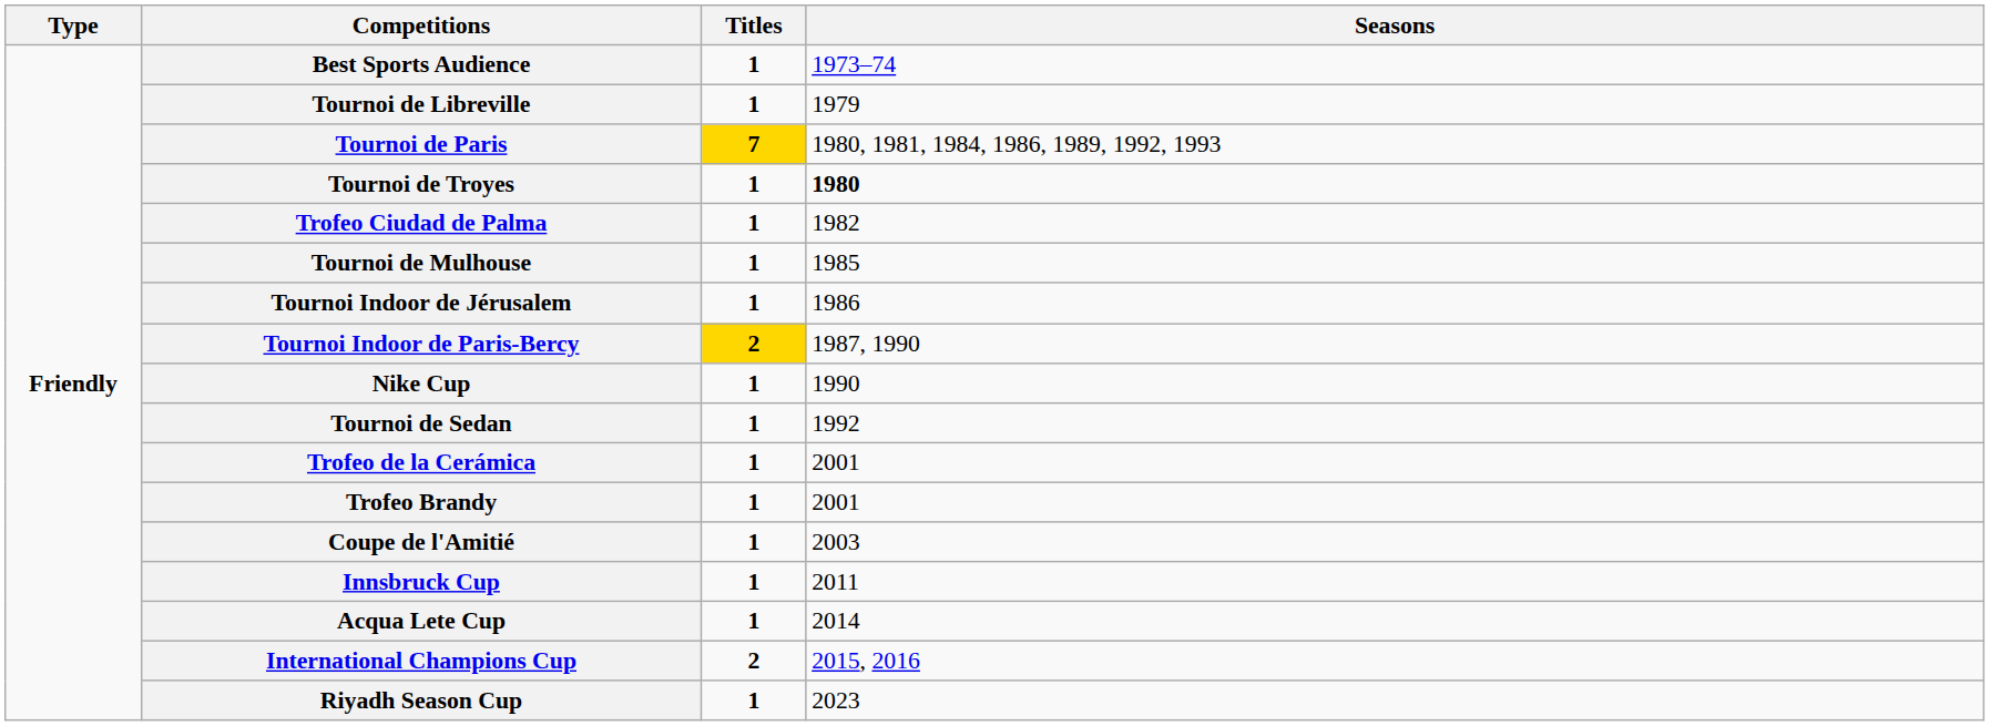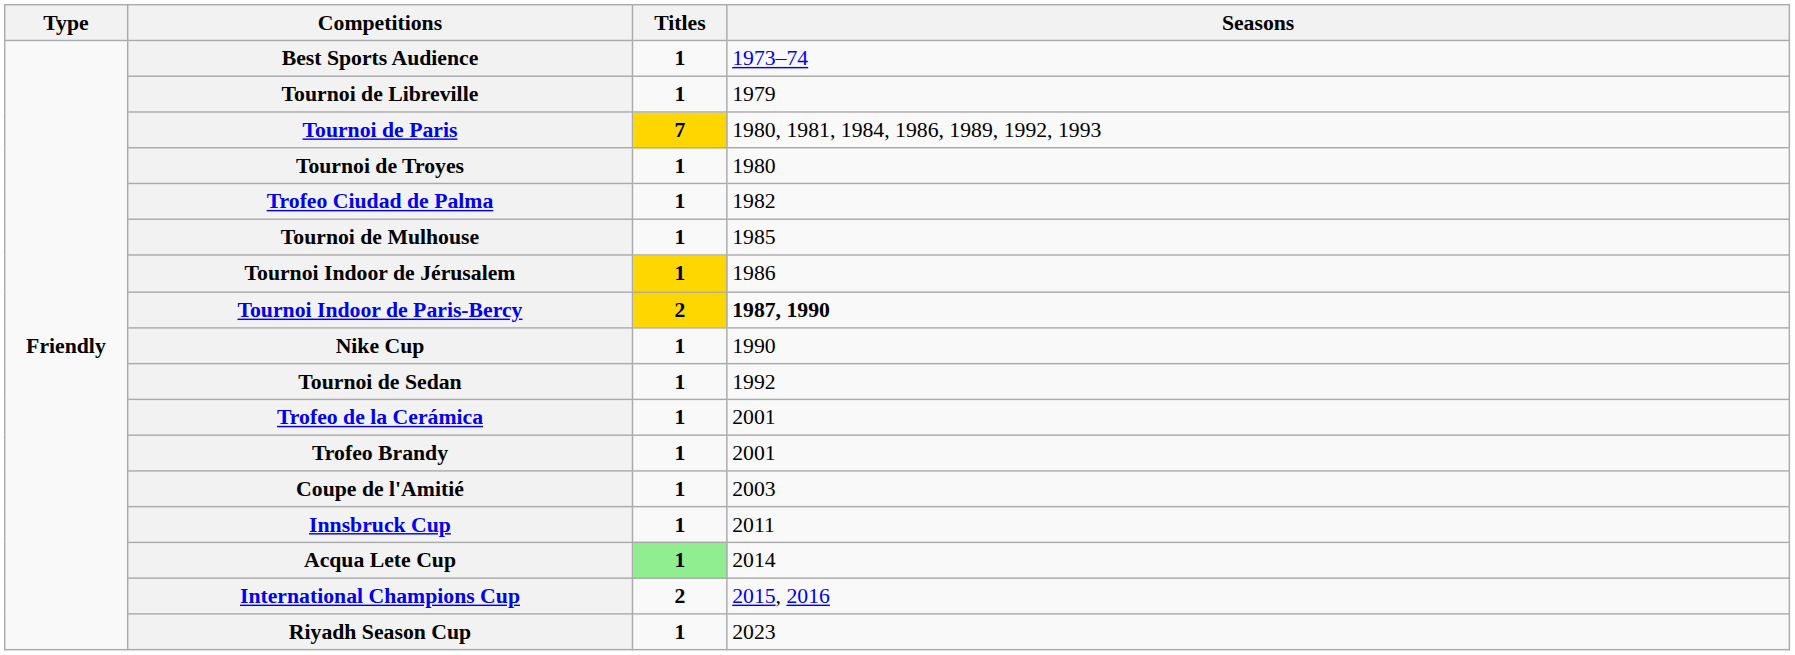 <table class="wikitable plainrowheaders" style="font-size:95%; text-align:center;">
 <tr>
 <th style="width: 1%;">Type</th>
 <th style="width: 10%;">Competitions</th>
 <th style="width: 1%;">Titles</th>
 <th style="width: 21%;">Seasons</th>
 </tr>
 <tr>
 <td rowspan="17"><strong>Friendly</strong></td>
 <th scope=col>Best Sports Audience</th>
 <td align="center"><strong>1</strong></td>
 <td align="left"><a href='#'>1973–74</a></td>
 </tr>
 <tr>
 <th scope=col>Tournoi de Libreville</th>
 <td align="center"><strong>1</strong></td>
 <td align="left">1979</td>
 </tr>
 <tr>
 <th scope=col><a href='#'>Tournoi de Paris</a></th>
 <td style="background-color:gold"><strong>7</strong></td>
 <td align="left">1980, 1981, 1984, 1986, 1989, 1992, 1993</td>
 </tr>
 <tr>
 <th scope=col>Tournoi de Troyes</th>
 <td align="center"><strong>1</strong></td>
-<td align="left"><strong>1980</strong></td>
+<td align="left">1980</td>
 </tr>
 <tr>
 <th scope=col><a href='#'>Trofeo Ciudad de Palma</a></th>
 <td align="center"><strong>1</strong></td>
 <td align="left">1982</td>
 </tr>
 <tr>
 <th scope=col>Tournoi de Mulhouse</th>
 <td align="center"><strong>1</strong></td>
 <td align="left">1985</td>
 </tr>
 <tr>
 <th scope=col>Tournoi Indoor de Jérusalem</th>
-<td align="center"><strong>1</strong></td>
+<td align="center" style="background: gold;"><strong>1</strong></td>
 <td align="left">1986</td>
 </tr>
 <tr>
 <th scope=col><a href='#'>Tournoi Indoor de Paris-Bercy</a></th>
 <td style="background-color:gold"><strong>2</strong></td>
-<td align="left">1987, 1990</td>
+<td align="left"><strong>1987, 1990</strong></td>
 </tr>
 <tr>
 <th scope=col>Nike Cup</th>
 <td align="center"><strong>1</strong></td>
 <td align="left">1990</td>
 </tr>
 <tr>
 <th scope=col>Tournoi de Sedan</th>
 <td align="center"><strong>1</strong></td>
 <td align="left">1992</td>
 </tr>
 <tr>
 <th scope=col><a href='#'>Trofeo de la Cerámica</a></th>
 <td align="center"><strong>1</strong></td>
 <td align="left">2001</td>
 </tr>
 <tr>
 <th scope=col>Trofeo Brandy</th>
 <td align="center"><strong>1</strong></td>
 <td align="left">2001</td>
 </tr>
 <tr>
 <th scope=col>Coupe de l'Amitié</th>
 <td align="center"><strong>1</strong></td>
 <td align="left">2003</td>
 </tr>
 <tr>
 <th scope=col><a href='#'>Innsbruck Cup</a></th>
 <td align="center"><strong>1</strong></td>
 <td align="left">2011</td>
 </tr>
 <tr>
 <th scope=col>Acqua Lete Cup</th>
-<td align="center"><strong>1</strong></td>
+<td align="center" style="background: lightgreen;"><strong>1</strong></td>
 <td align="left">2014</td>
 </tr>
 <tr>
 <th scope=col><a href='#'>International Champions Cup</a></th>
 <td align="center"><strong>2</strong></td>
 <td align="left"><a href='#'>2015</a>, <a href='#'>2016</a></td>
 </tr>
 <tr>
 <th scope=col>Riyadh Season Cup</th>
 <td align="center"><strong>1</strong></td>
 <td align="left">2023</td>
 </tr>
 </table>
